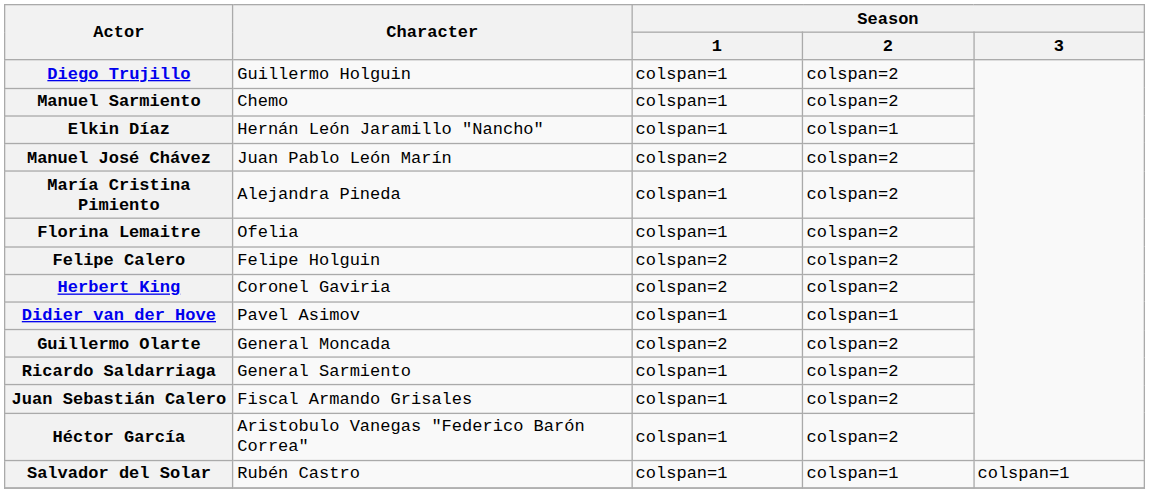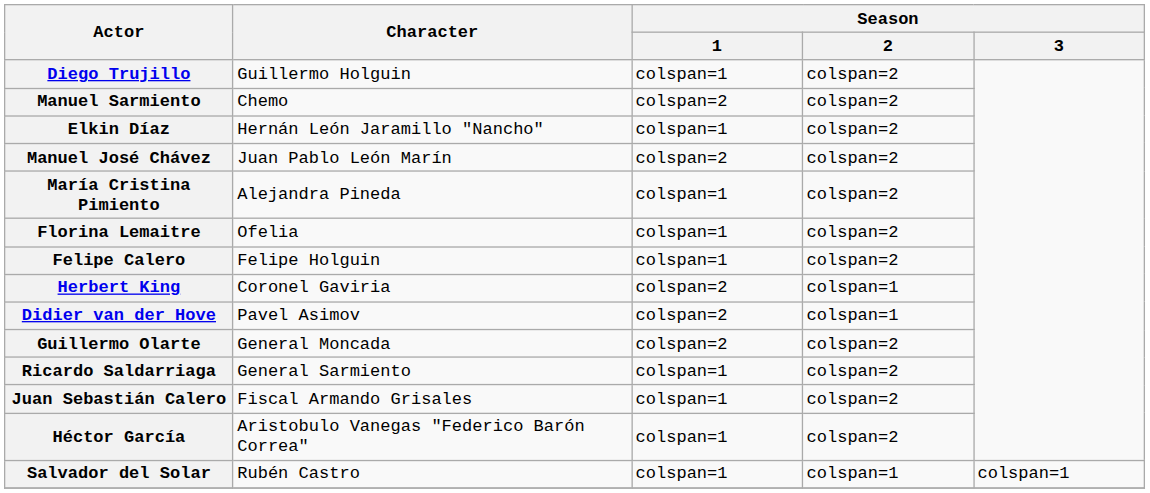 <table class="wikitable plainrowheaders">
 <tr>
 <th rowspan=2 scope="col">Actor</th>
 <th rowspan=2 scope="col">Character</th>
 <th colspan=4>Season</th>
 </tr>
 <tr>
 <th style="width:15%;" scope="col">1</th>
 <th style="width:15%;" scope="col">2</th>
 <th style="width:15%;" scope="col">3</th>
 </tr>
 <tr>
 <th scope="row"><a href='#'>Diego Trujillo</a></th>
 <td>Guillermo Holguin</td>
 <td>colspan=1 </td>
 <td>colspan=2 </td>
 </tr>
 <tr>
 <th scope="row">Manuel Sarmiento</th>
 <td>Chemo</td>
-<td>colspan=1 </td>
+<td>colspan=2 </td>
 <td>colspan=2 </td>
 </tr>
 <tr>
 <th scope="row">Elkin Díaz</th>
 <td>Hernán León Jaramillo "Nancho"</td>
 <td>colspan=1 </td>
-<td>colspan=1 </td>
+<td>colspan=2 </td>
 </tr>
 <tr>
 <th scope="row">Manuel José Chávez</th>
 <td>Juan Pablo León Marín</td>
 <td>colspan=2 </td>
 <td>colspan=2 </td>
 </tr>
 <tr>
 <th scope="row">María Cristina Pimiento</th>
 <td>Alejandra Pineda</td>
 <td>colspan=1 </td>
 <td>colspan=2 </td>
 </tr>
 <tr>
 <th scope="row">Florina Lemaitre</th>
 <td>Ofelia</td>
 <td>colspan=1 </td>
 <td>colspan=2 </td>
 </tr>
 <tr>
 <th scope="row">Felipe Calero</th>
 <td>Felipe Holguin</td>
-<td>colspan=2 </td>
+<td>colspan=1 </td>
 <td>colspan=2 </td>
 </tr>
 <tr>
 <th scope="row"><a href='#'>Herbert King</a></th>
 <td>Coronel Gaviria</td>
 <td>colspan=2 </td>
-<td>colspan=2 </td>
+<td>colspan=1 </td>
 </tr>
 <tr>
 <th scope="row"><a href='#'>Didier van der Hove</a></th>
 <td>Pavel Asimov</td>
-<td>colspan=1 </td>
+<td>colspan=2 </td>
 <td>colspan=1 </td>
 </tr>
 <tr>
 <th scope="row">Guillermo Olarte</th>
 <td>General Moncada</td>
 <td>colspan=2 </td>
 <td>colspan=2 </td>
 </tr>
 <tr>
 <th scope="row">Ricardo Saldarriaga</th>
 <td>General Sarmiento</td>
 <td>colspan=1 </td>
 <td>colspan=2 </td>
 </tr>
 <tr>
 <th scope="row">Juan Sebastián Calero</th>
 <td>Fiscal Armando Grisales</td>
 <td>colspan=1 </td>
 <td>colspan=2 </td>
 </tr>
 <tr>
 <th scope="row">Héctor García</th>
 <td>Aristobulo Vanegas "Federico Barón Correa"</td>
 <td>colspan=1 </td>
 <td>colspan=2 </td>
 </tr>
 <tr>
 <th scope="row">Salvador del Solar</th>
 <td>Rubén Castro</td>
 <td>colspan=1 </td>
 <td>colspan=1 </td>
 <td>colspan=1 </td>
 </tr>
 <tr>
 </tr>
 </table>
